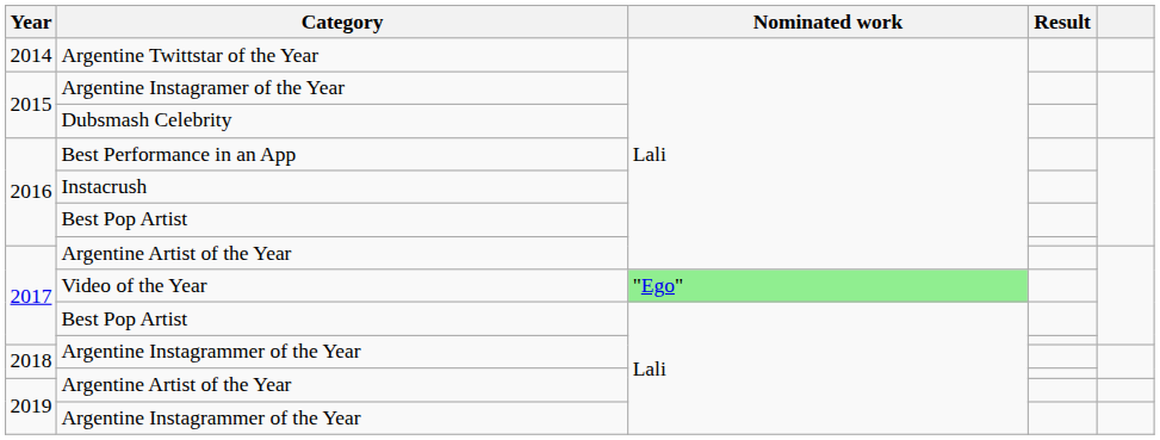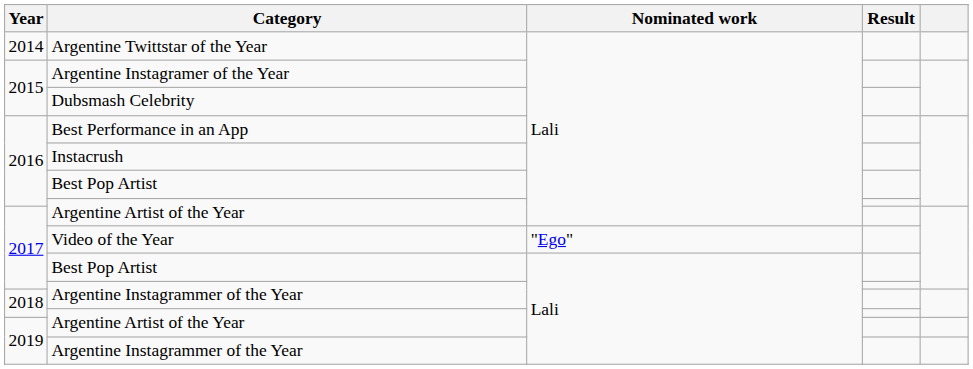 <table class="wikitable plainrowheaders" style="width:70%;">
 <tr>
 <th scope="col" style="width:4%;">Year</th>
 <th scope="col" style="width:50%;">Category</th>
 <th scope="col" style="width:35%;">Nominated work</th>
 <th scope="col" style="width:6%;">Result</th>
 <th scope="col" style="width:6%;"></th>
 </tr>
 <tr>
 <td align=center>2014</td>
 <td>Argentine Twittstar of the Year</td>
 <td rowspan="8">Lali</td>
 <td></td>
 <td align=center></td>
 </tr>
 <tr>
 <td rowspan=2 align=center>2015</td>
 <td>Argentine Instagramer of the Year</td>
 <td></td>
 <td rowspan=2 align=center></td>
 </tr>
 <tr>
 <td>Dubsmash Celebrity</td>
 <td></td>
 </tr>
 <tr>
 <td rowspan=4 align=center>2016</td>
 <td>Best Performance in an App</td>
 <td></td>
 <td rowspan=4 align=center></td>
 </tr>
 <tr>
 <td>Instacrush</td>
 <td></td>
 </tr>
 <tr>
 <td>Best Pop Artist</td>
 <td></td>
 </tr>
 <tr>
 <td rowspan="2">Argentine Artist of the Year</td>
 <td></td>
 </tr>
 <tr>
 <td rowspan=4 align=center><a href='#'>2017</a></td>
 <td></td>
 <td rowspan=4 align=center></td>
 </tr>
 <tr>
 <td>Video of the Year</td>
-<td style="background: lightgreen;">"<a href='#'>Ego</a>"</td>
+<td>"<a href='#'>Ego</a>"</td>
 <td></td>
 </tr>
 <tr>
 <td>Best Pop Artist</td>
 <td rowspan="6">Lali</td>
 <td></td>
 </tr>
 <tr>
 <td rowspan="2">Argentine Instagrammer of the Year</td>
 <td></td>
 </tr>
 <tr>
 <td rowspan="2" align=center>2018</td>
 <td></td>
 <td rowspan="2" style="text-align:center;"></td>
 </tr>
 <tr>
 <td rowspan="2">Argentine Artist of the Year</td>
 <td></td>
 </tr>
 <tr>
 <td rowspan="2" align=center>2019</td>
 <td></td>
 <td style="text-align:center;"></td>
 </tr>
 <tr>
 <td>Argentine Instagrammer of the Year</td>
 <td></td>
 <td style="text-align:center;"></td>
 </tr>
 </table>
